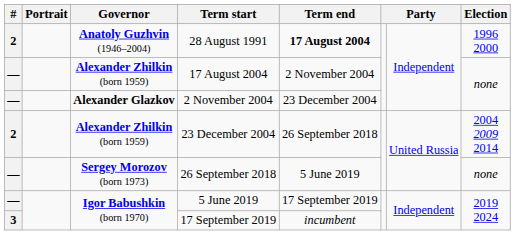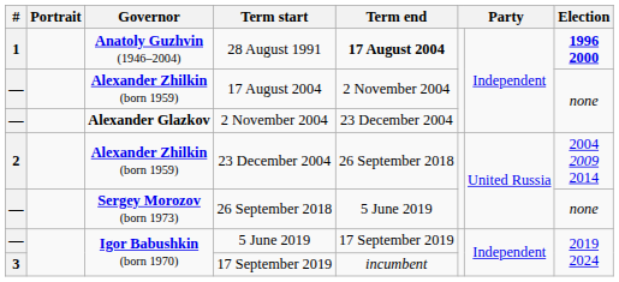 <table class="wikitable" style="text-align:center">
 <tr style="background:#cccccc" bgcolor=#E6E6AA>
 <th>#</th>
 <th>Portrait</th>
 <th>Governor</th>
 <th>Term start</th>
 <th>Term end</th>
 <th colspan=2>Party</th>
 <th>Election</th>
 </tr>
 <tr>
-<th>2</th>
+<th>1</th>
 <td></td>
 <td><strong><a href='#'>Anatoly Guzhvin</a></strong><br><small>(1946–2004)</small></td>
 <td>28 August 1991</td>
 <td><strong>17 August 2004</strong></td>
 <td rowspan=3; style="background: "></td>
 <td rowspan=3><a href='#'>Independent</a></td>
-<td><a href='#'>1996</a><br><a href='#'>2000</a></td>
+<td><strong><a href='#'>1996</a><br><a href='#'>2000</a></strong></td>
 </tr>
 <tr>
 <th>—</th>
 <td></td>
 <td><strong><a href='#'>Alexander Zhilkin</a></strong><br><small>(born 1959)</small></td>
 <td>17 August 2004</td>
 <td>2 November 2004</td>
 <td rowspan=2><em>none</em></td>
 </tr>
 <tr>
 <th>—</th>
 <td></td>
 <td><strong>Alexander Glazkov</strong></td>
 <td>2 November 2004</td>
 <td>23 December 2004</td>
 </tr>
 <tr>
 <th>2</th>
 <td></td>
 <td><strong><a href='#'>Alexander Zhilkin</a></strong><br><small>(born 1959)</small></td>
 <td>23 December 2004</td>
 <td>26 September 2018</td>
 <td rowspan=2; style="background: "></td>
 <td rowspan=2><a href='#'>United Russia</a></td>
 <td><a href='#'>2004</a><br><em><a href='#'>2009</a></em><br><a href='#'>2014</a></td>
 </tr>
 <tr>
 <th>—</th>
 <td></td>
 <td><strong><a href='#'>Sergey Morozov</a></strong><br><small>(born 1973)</small></td>
 <td>26 September 2018</td>
 <td>5 June 2019</td>
 <td><em>none</em></td>
 </tr>
 <tr>
 <th>—</th>
 <td rowspan=2></td>
 <td rowspan=2><strong><a href='#'>Igor Babushkin</a></strong><br><small>(born 1970)</small></td>
 <td>5 June 2019</td>
 <td>17 September 2019</td>
 <td rowspan=2; style="background: "></td>
 <td rowspan=2><a href='#'>Independent</a></td>
 <td rowspan=2><a href='#'>2019</a><br><a href='#'>2024</a></td>
 </tr>
 <tr>
 <th>3</th>
 <td>17 September 2019</td>
 <td><em>incumbent</em></td>
 </tr>
 </table>
